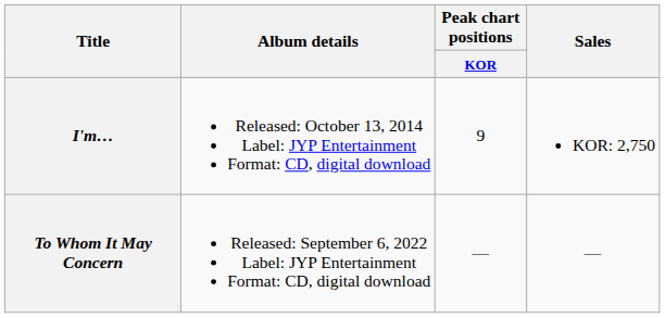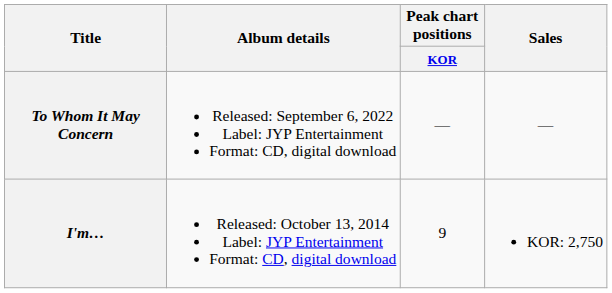 <table class="wikitable plainrowheaders" style="text-align:center;">
 <tr>
 <th scope="col" rowspan="2" style="width:10em;">Title</th>
 <th scope="col" rowspan="2">Album details</th>
 <th scope="col" colspan="1" style="width:5em;">Peak chart positions</th>
 <th scope="col" rowspan="2">Sales</th>
 </tr>
 <tr>
 <th><small><a href='#'>KOR</a></small><br></th>
 </tr>
 <tr>
+<th scope="row"><em>To Whom It May Concern</em></th>
+<td><br><ul><li>Released: September 6, 2022</li><li>Label: JYP Entertainment</li><li>Format: CD, digital download</li></ul></td>
+<td>—</td>
+<td>—</td>
+</tr>
+<tr>
 <th scope="row"><em>I'm…</em></th>
 <td><br><ul><li>Released: October 13, 2014</li><li>Label: <a href='#'>JYP Entertainment</a></li><li>Format: <a href='#'>CD</a>, <a href='#'>digital download</a></li></ul></td>
 <td>9</td>
 <td><br><ul><li>KOR: 2,750</li></ul></td>
 </tr>
-<tr>
-<th scope="row"><em>To Whom It May Concern</em></th>
-<td><br><ul><li>Released: September 6, 2022</li><li>Label: JYP Entertainment</li><li>Format: CD, digital download</li></ul></td>
-<td>—</td>
-<td>—</td>
-</tr>
 </table>
